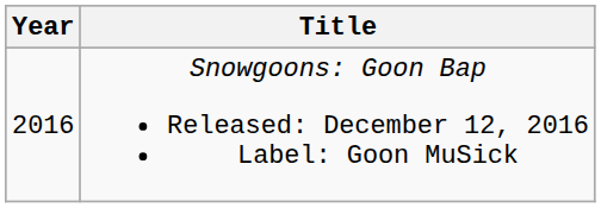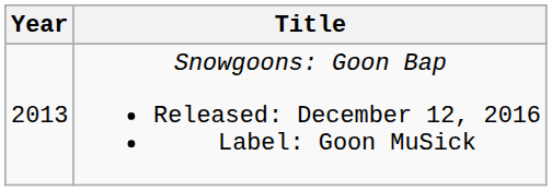 <table class="wikitable" style="text-align:center;">
 <tr>
 <th>Year</th>
 <th>Title</th>
 </tr>
 <tr>
-<td>2016</td>
+<td>2013</td>
 <td><em>Snowgoons: Goon Bap</em><br><ul><li>Released: December 12, 2016</li><li>Label: Goon MuSick</li></ul></td>
 </tr>
 </table>
